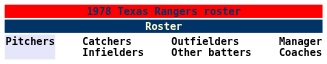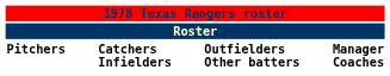 <table class="toccolours" style="font-size: 95%;">
 <tr>
 <th colspan="10" style="background-color: red; color: #003366; text-align: center;">1978 Texas Rangers roster</th>
 </tr>
 <tr>
 <td colspan="10" style="background-color: #003366; color: #FFFDD0; text-align: center;"><strong>Roster</strong></td>
 </tr>
 <tr>
-<td valign="top" style="background: lavender;"><strong>Pitchers</strong><br>            </td>
+<td valign="top"><strong>Pitchers</strong><br>            </td>
 <td width="25px"></td>
 <td valign="top"><strong>Catchers</strong><br>   <strong>Infielders</strong>            </td>
 <td width="25px"></td>
 <td valign="top"><strong>Outfielders</strong><br>        <strong>Other batters</strong> </td>
 <td width="25px"></td>
 <td valign="top"><strong>Manager</strong><br>  <strong>Coaches</strong>     </td>
 </tr>
 <tr>
 </tr>
 </table>
